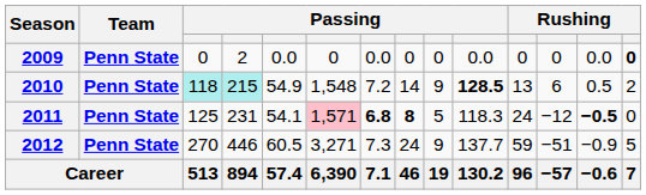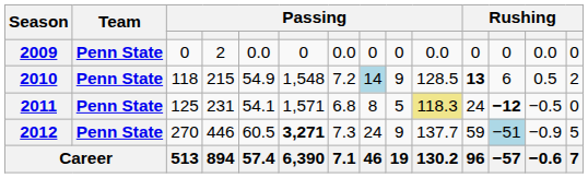 <table class="wikitable" style="text-align:center;">
 <tr>
 <th rowspan="2">Season</th>
 <th rowspan="2">Team</th>
 <th colspan="8">Passing</th>
 <th colspan="4">Rushing</th>
 </tr>
 <tr>
 <th></th>
 <th></th>
 <th></th>
 <th></th>
 <th></th>
 <th></th>
 <th></th>
 <th></th>
 <th></th>
 <th></th>
 <th></th>
 <th></th>
 </tr>
 <tr>
 <th><a href='#'>2009</a></th>
 <th><a href='#'>Penn State</a></th>
 <td>0</td>
 <td>2</td>
 <td>0.0</td>
 <td>0</td>
 <td>0.0</td>
 <td>0</td>
 <td>0</td>
 <td>0.0</td>
 <td>0</td>
 <td>0</td>
 <td>0.0</td>
-<td><strong>0</strong></td>
+<td>0</td>
 </tr>
 <tr>
 <th><a href='#'>2010</a></th>
 <th><a href='#'>Penn State</a></th>
-<td style="background: paleturquoise;">118</td>
-<td style="background: paleturquoise;">215</td>
+<td>118</td>
+<td>215</td>
 <td>54.9</td>
 <td>1,548</td>
 <td>7.2</td>
-<td>14</td>
+<td style="background: lightblue;">14</td>
 <td>9</td>
-<td><strong>128.5</strong></td>
-<td>13</td>
+<td>128.5</td>
+<td><strong>13</strong></td>
 <td>6</td>
 <td>0.5</td>
 <td>2</td>
 </tr>
 <tr>
 <th><a href='#'>2011</a></th>
 <th><a href='#'>Penn State</a></th>
 <td>125</td>
 <td>231</td>
 <td>54.1</td>
-<td style="background: pink;">1,571</td>
-<td><strong>6.8</strong></td>
-<td><strong>8</strong></td>
+<td>1,571</td>
+<td>6.8</td>
+<td>8</td>
 <td>5</td>
-<td>118.3</td>
+<td style="background: khaki;">118.3</td>
 <td>24</td>
-<td>−12</td>
-<td><strong>−0.5</strong></td>
+<td><strong>−12</strong></td>
+<td>−0.5</td>
 <td>0</td>
 </tr>
 <tr>
 <th><a href='#'>2012</a></th>
 <th><a href='#'>Penn State</a></th>
 <td>270</td>
 <td>446</td>
 <td>60.5</td>
-<td>3,271</td>
+<td><strong>3,271</strong></td>
 <td>7.3</td>
 <td>24</td>
 <td>9</td>
 <td>137.7</td>
 <td>59</td>
-<td>−51</td>
+<td style="background: lightblue;">−51</td>
 <td>−0.9</td>
 <td>5</td>
 </tr>
 <tr>
 <th colspan="2">Career</th>
 <th>513</th>
 <th>894</th>
 <th>57.4</th>
 <th>6,390</th>
 <th>7.1</th>
 <th>46</th>
 <th>19</th>
 <th>130.2</th>
 <th>96</th>
 <th>−57</th>
 <th>−0.6</th>
 <th>7</th>
 </tr>
 </table>
